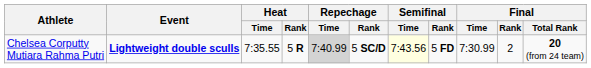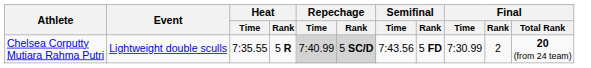 <table class=wikitable style="font-size:85%; text-align:center">
 <tr>
 <th rowspan=2>Athlete</th>
 <th rowspan=2>Event</th>
 <th colspan=2>Heat</th>
 <th colspan=2>Repechage</th>
 <th colspan=2>Semifinal</th>
 <th colspan=3>Final</th>
 </tr>
 <tr style=font-size:85%>
 <th>Time</th>
 <th>Rank</th>
 <th>Time</th>
 <th>Rank</th>
 <th>Time</th>
 <th>Rank</th>
 <th>Time</th>
 <th>Rank</th>
 <th>Total Rank</th>
 </tr>
 <tr>
 <td align=left><a href='#'>Chelsea Corputty</a><br><a href='#'>Mutiara Rahma Putri</a></td>
-<td align=center><strong><a href='#'>Lightweight double sculls</a></strong></td>
+<td align=center><a href='#'>Lightweight double sculls</a></td>
 <td>7:35.55</td>
 <td>5 <strong>R</strong></td>
 <td style="background: lightgrey;">7:40.99</td>
-<td>5 <strong>SC/D</strong></td>
-<td style="background: lightyellow;">7:43.56</td>
+<td style="background: lightgrey;">5 <strong>SC/D</strong></td>
+<td>7:43.56</td>
 <td>5 <strong>FD</strong></td>
 <td>7:30.99</td>
 <td>2</td>
 <td><strong>20</strong> <br><small>(from 24 team)</small></td>
 </tr>
 </table>
